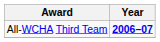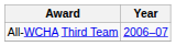 <table class="wikitable">
 <tr>
 <th>Award</th>
 <th>Year</th>
 </tr>
 <tr>
 <td>All-<a href='#'>WCHA</a> <a href='#'>Third Team</a></td>
-<td><strong><a href='#'>2006–07</a></strong></td>
+<td><a href='#'>2006–07</a></td>
 </tr>
 <tr>
 </tr>
 </table>
